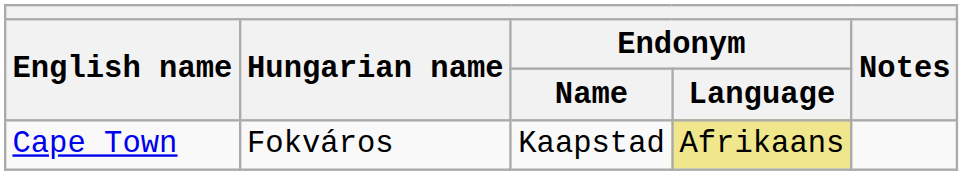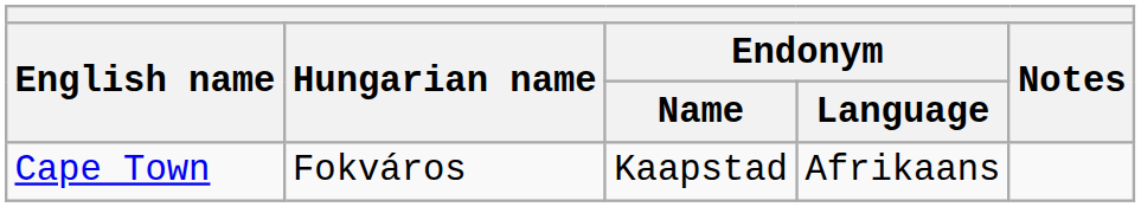 <table class="wikitable sortable">
 <tr>
 <th colspan="5"></th>
 </tr>
 <tr>
 <th rowspan="2">English name</th>
 <th rowspan="2">Hungarian name</th>
 <th colspan="2">Endonym</th>
 <th rowspan="2">Notes</th>
 </tr>
 <tr>
 <th>Name</th>
 <th>Language</th>
 </tr>
 <tr>
 <td><a href='#'>Cape Town</a></td>
 <td>Fokváros</td>
 <td>Kaapstad</td>
-<td style="background: khaki;">Afrikaans</td>
+<td>Afrikaans</td>
 <td></td>
 </tr>
 </table>
